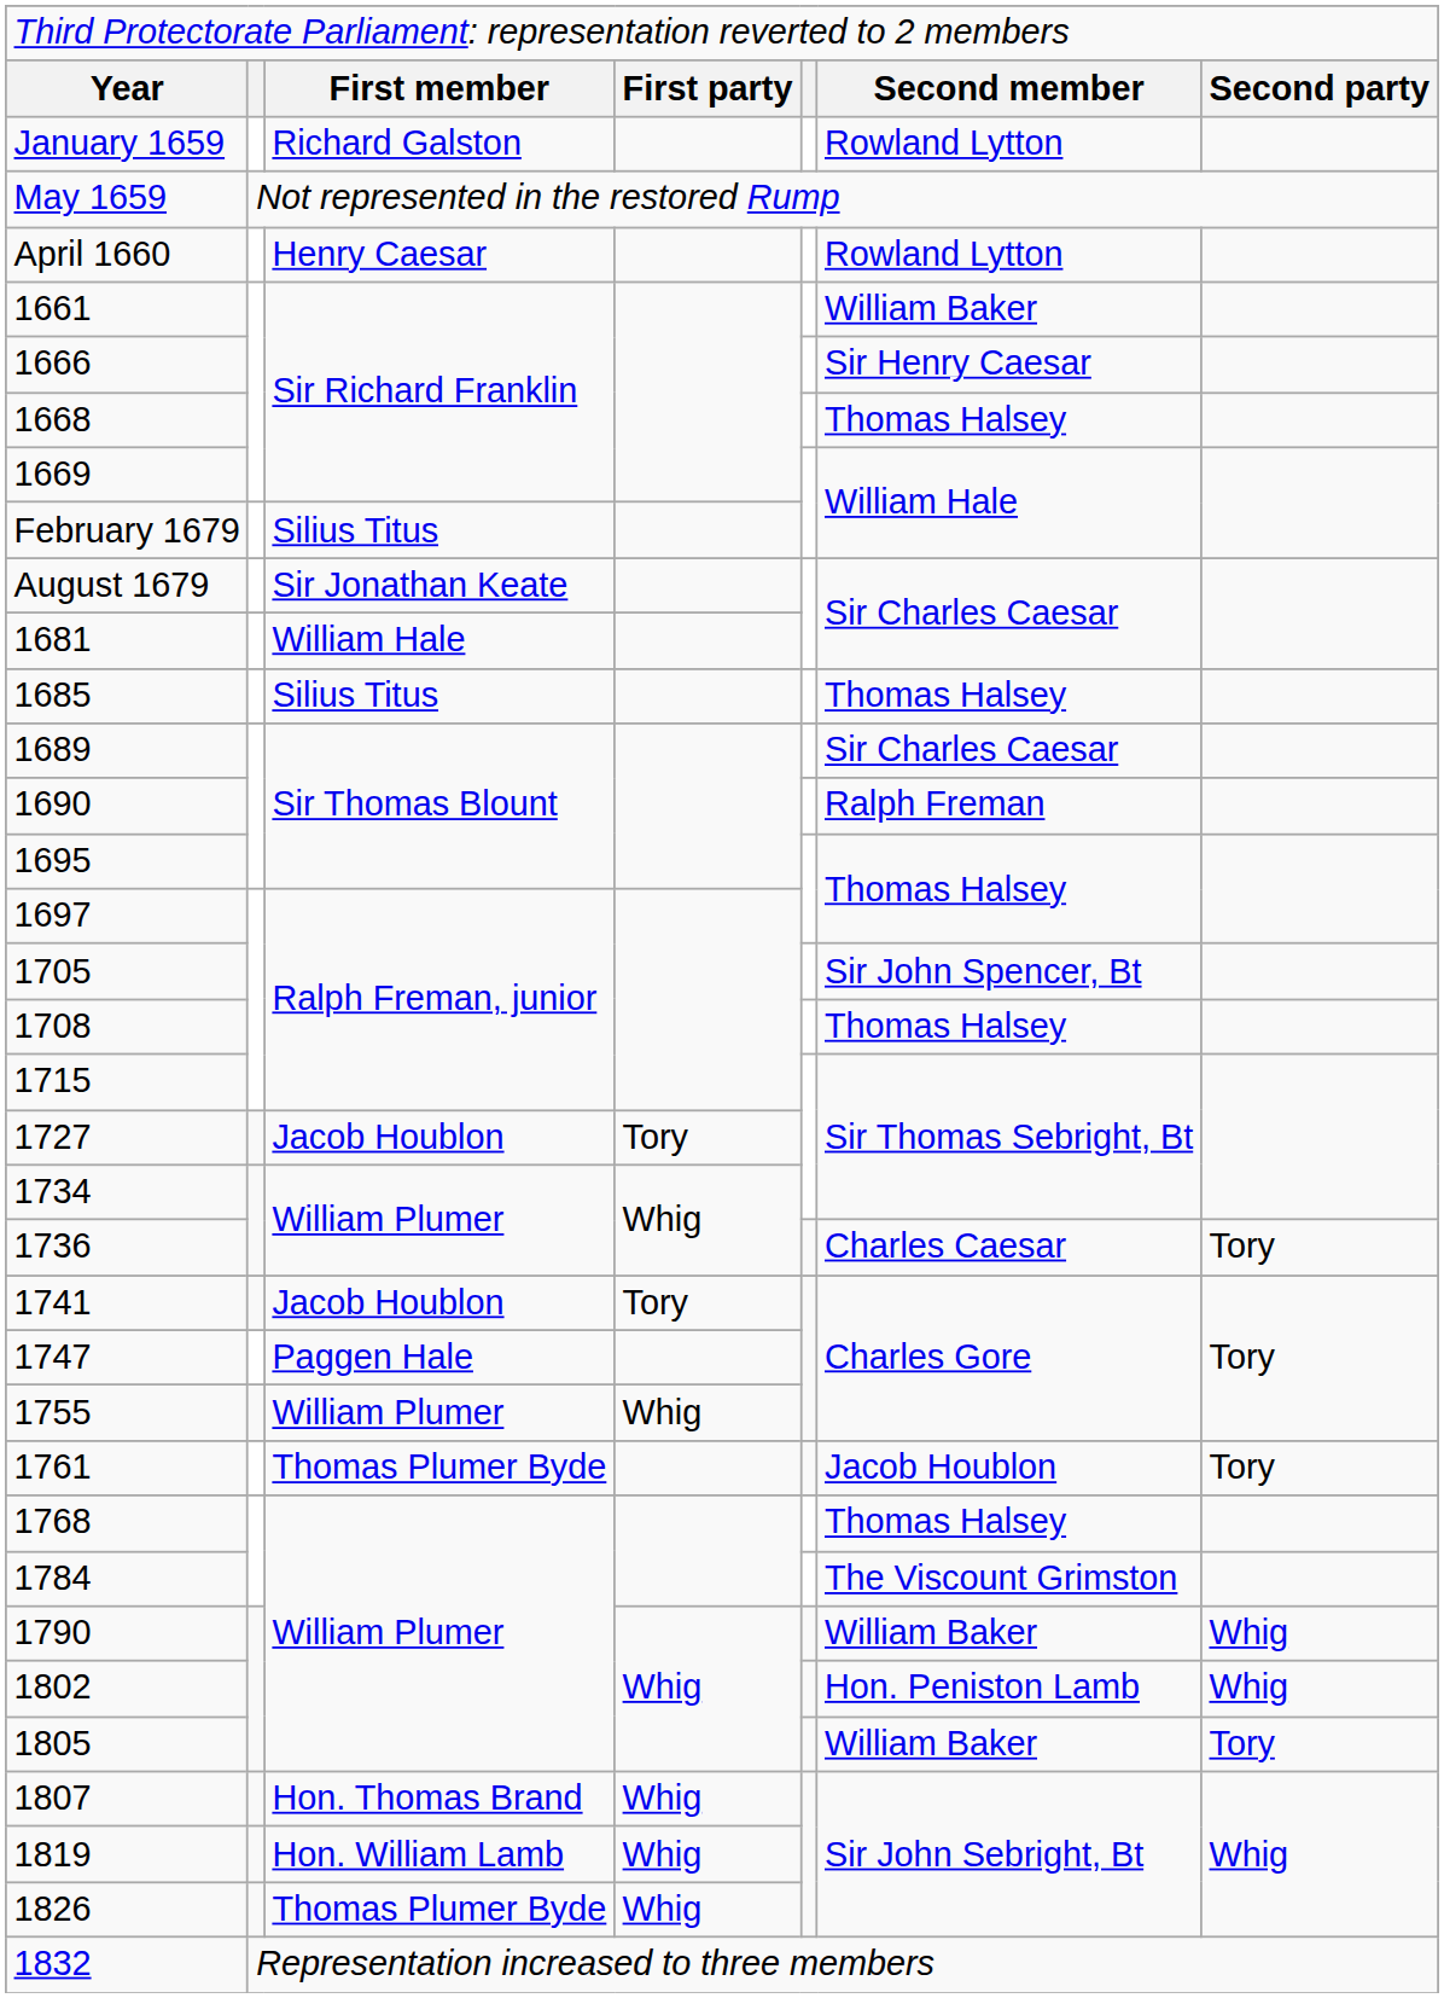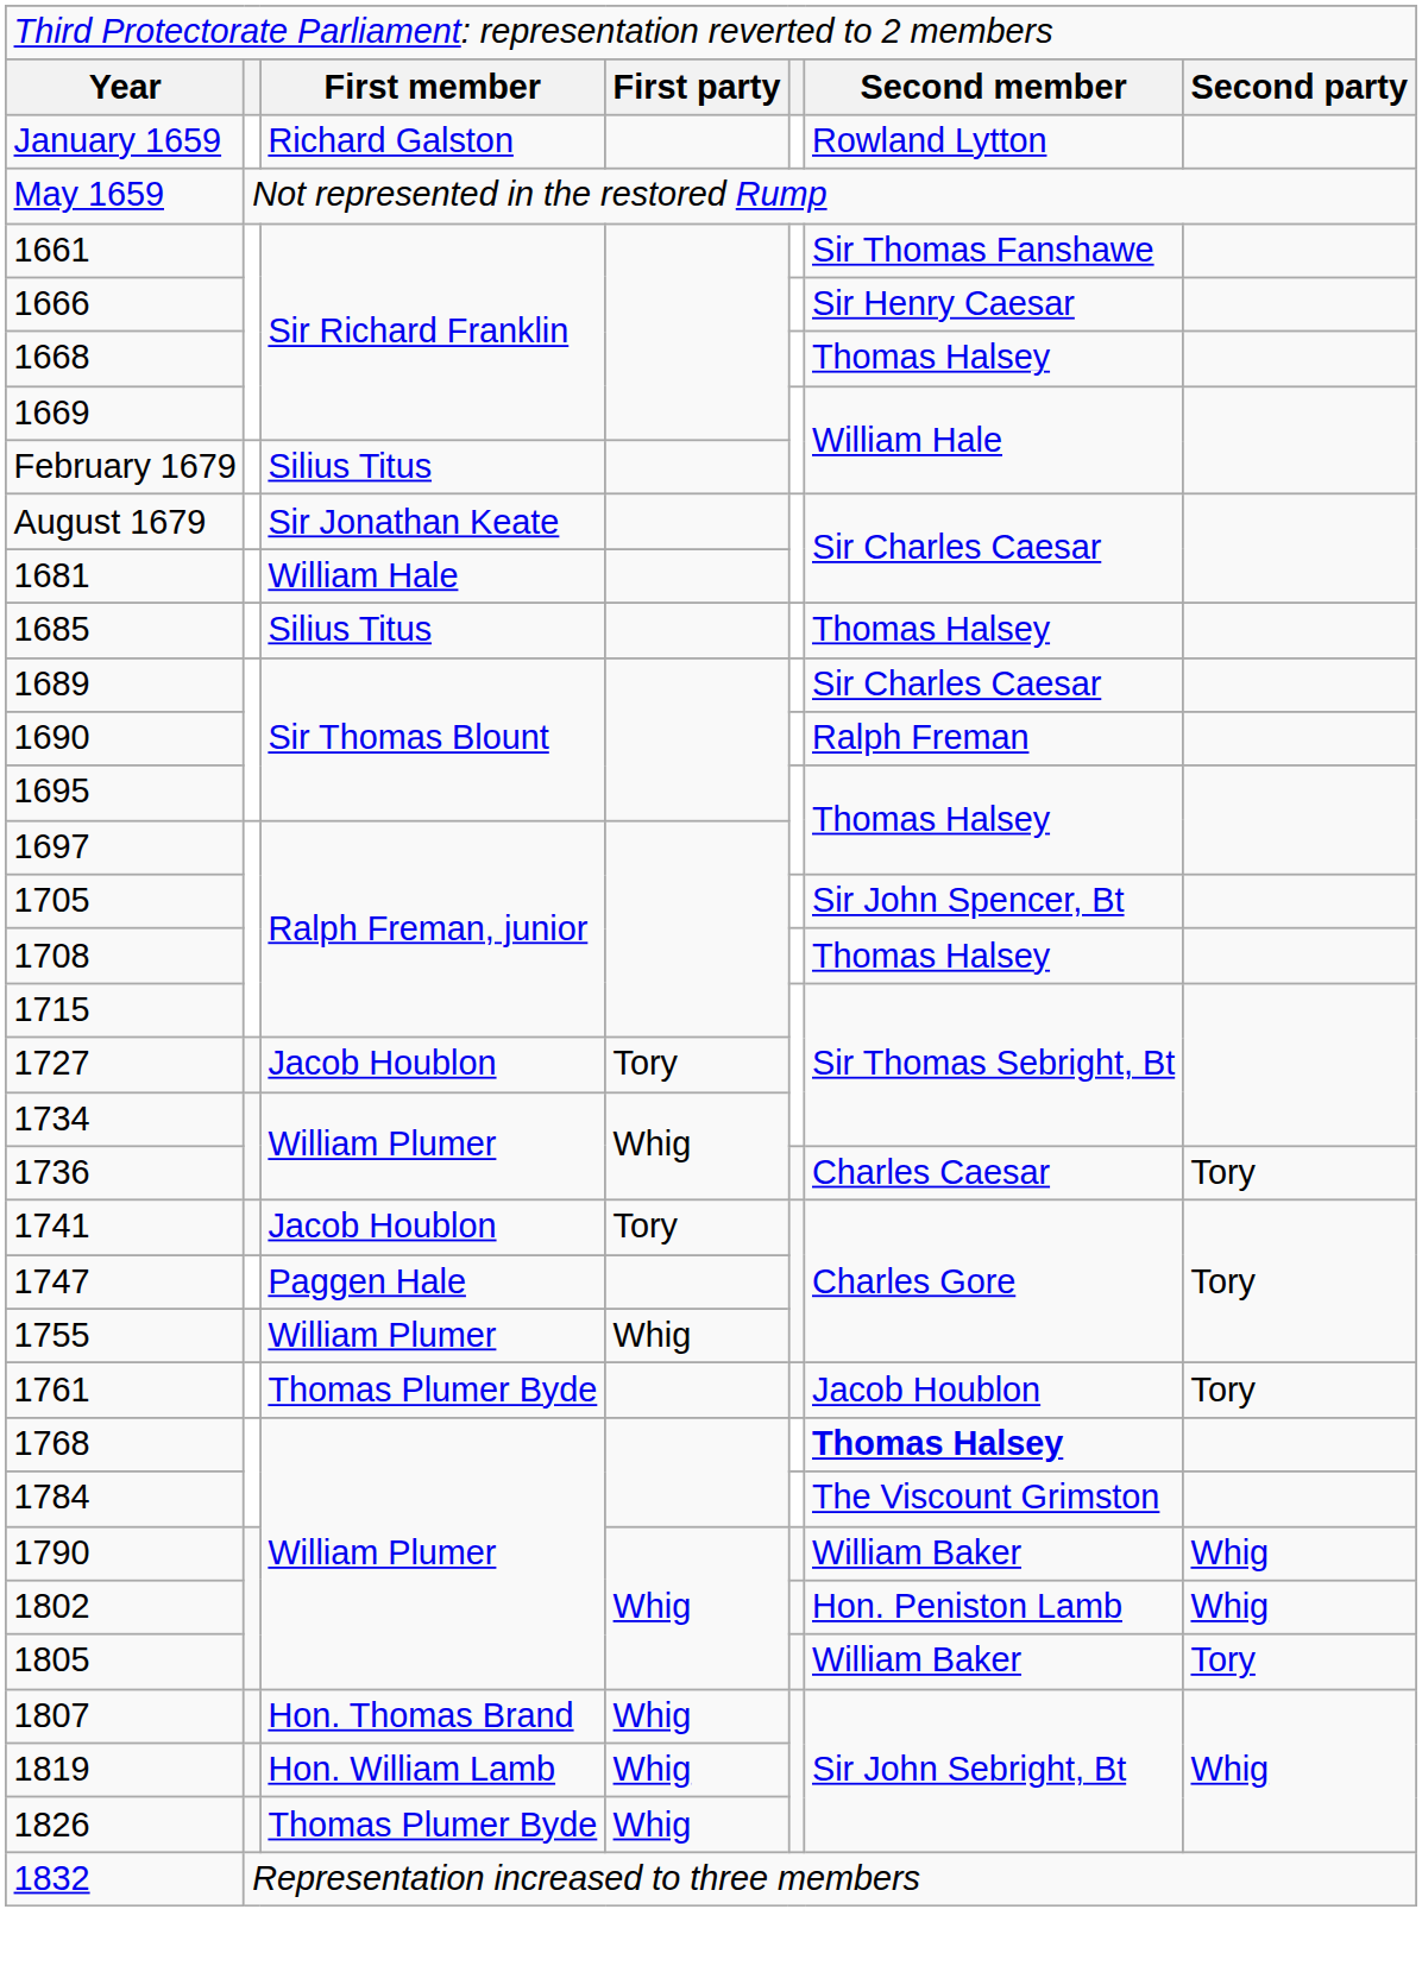 <table class="wikitable">
 <tr>
 <td colspan="7"><em><a href='#'>Third Protectorate Parliament</a>: representation reverted to 2 members</em></td>
 </tr>
 <tr>
 <th>Year</th>
 <th></th>
 <th>First member</th>
 <th>First party</th>
 <th></th>
 <th>Second member</th>
 <th>Second party</th>
 </tr>
 <tr>
 <td><a href='#'>January 1659</a></td>
 <td style="color:inherit;background-color: white"></td>
 <td><a href='#'>Richard Galston</a></td>
 <td></td>
 <td style="color:inherit;background-color: white"></td>
 <td><a href='#'>Rowland Lytton</a></td>
 <td></td>
 </tr>
 <tr>
 <td><a href='#'>May 1659</a></td>
 <td colspan="6"><em>Not represented in the restored <a href='#'>Rump</a></em></td>
 </tr>
 <tr>
-<td>April 1660</td>
-<td style="color:inherit;background-color: white"></td>
-<td><a href='#'>Henry Caesar</a></td>
-<td></td>
-<td style="color:inherit;background-color: white"></td>
-<td><a href='#'>Rowland Lytton</a></td>
-<td></td>
-</tr>
-<tr>
 <td>1661</td>
 <td rowspan="4" style="color:inherit;background-color: white"></td>
 <td rowspan="4"><a href='#'>Sir Richard Franklin</a></td>
 <td rowspan="4"></td>
 <td style="color:inherit;background-color: white"></td>
-<td><a href='#'>William Baker</a></td>
+<td><a href='#'>Sir Thomas Fanshawe</a></td>
 <td></td>
 </tr>
 <tr>
 <td>1666</td>
 <td style="color:inherit;background-color: white"></td>
 <td><a href='#'>Sir Henry Caesar</a></td>
 <td></td>
 </tr>
 <tr>
 <td>1668</td>
 <td style="color:inherit;background-color: white"></td>
 <td><a href='#'>Thomas Halsey</a></td>
 <td></td>
 </tr>
 <tr>
 <td>1669</td>
 <td rowspan="2" style="color:inherit;background-color: white"></td>
 <td rowspan="2"><a href='#'>William Hale</a></td>
 <td rowspan="2"></td>
 </tr>
 <tr>
 <td>February 1679</td>
 <td style="color:inherit;background-color: white"></td>
 <td><a href='#'>Silius Titus</a></td>
 <td></td>
 </tr>
 <tr>
 <td>August 1679</td>
 <td style="color:inherit;background-color: white"></td>
 <td><a href='#'>Sir Jonathan Keate</a></td>
 <td></td>
 <td rowspan="2" style="color:inherit;background-color: white"></td>
 <td rowspan="2"><a href='#'>Sir Charles Caesar</a></td>
 <td rowspan="2"></td>
 </tr>
 <tr>
 <td>1681</td>
 <td style="color:inherit;background-color: white"></td>
 <td><a href='#'>William Hale</a></td>
 <td></td>
 </tr>
 <tr>
 <td>1685</td>
 <td style="color:inherit;background-color: white"></td>
 <td><a href='#'>Silius Titus</a></td>
 <td></td>
 <td style="color:inherit;background-color: white"></td>
 <td><a href='#'>Thomas Halsey</a></td>
 <td></td>
 </tr>
 <tr>
 <td>1689</td>
 <td rowspan="3" style="color:inherit;background-color: white"></td>
 <td rowspan="3"><a href='#'>Sir Thomas Blount</a></td>
 <td rowspan="3"></td>
 <td style="color:inherit;background-color: white"></td>
 <td><a href='#'>Sir Charles Caesar</a></td>
 <td></td>
 </tr>
 <tr>
 <td>1690</td>
 <td style="color:inherit;background-color: white"></td>
 <td><a href='#'>Ralph Freman</a></td>
 <td></td>
 </tr>
 <tr>
 <td>1695</td>
 <td rowspan="2" style="color:inherit;background-color: white"></td>
 <td rowspan="2"><a href='#'>Thomas Halsey</a></td>
 <td rowspan="2"></td>
 </tr>
 <tr>
 <td>1697</td>
 <td rowspan="4" style="color:inherit;background-color: white"></td>
 <td rowspan="4"><a href='#'>Ralph Freman, junior</a></td>
 <td rowspan="4"></td>
 </tr>
 <tr>
 <td>1705</td>
 <td style="color:inherit;background-color: white"></td>
 <td><a href='#'>Sir John Spencer, Bt</a></td>
 <td></td>
 </tr>
 <tr>
 <td>1708</td>
 <td style="color:inherit;background-color: white"></td>
 <td><a href='#'>Thomas Halsey</a></td>
 <td></td>
 </tr>
 <tr>
 <td>1715</td>
 <td rowspan="3" style="color:inherit;background-color: white"></td>
 <td rowspan="3"><a href='#'>Sir Thomas Sebright, Bt</a></td>
 <td rowspan="3"></td>
 </tr>
 <tr>
 <td>1727</td>
 <td style="color:inherit;background-color: "></td>
 <td><a href='#'>Jacob Houblon</a></td>
 <td>Tory</td>
 </tr>
 <tr>
 <td>1734</td>
 <td rowspan="2" style="color:inherit;background-color: "></td>
 <td rowspan="2"><a href='#'>William Plumer</a></td>
 <td rowspan="2">Whig</td>
 </tr>
 <tr>
 <td>1736</td>
 <td style="color:inherit;background-color: "></td>
 <td><a href='#'>Charles Caesar</a></td>
 <td>Tory</td>
 </tr>
 <tr>
 <td>1741</td>
 <td style="color:inherit;background-color: "></td>
 <td><a href='#'>Jacob Houblon</a></td>
 <td>Tory</td>
 <td rowspan="3" style="color:inherit;background-color: "></td>
 <td rowspan="3"><a href='#'>Charles Gore</a></td>
 <td rowspan="3">Tory</td>
 </tr>
 <tr>
 <td>1747</td>
 <td style="color:inherit;background-color: white"></td>
 <td><a href='#'>Paggen Hale</a></td>
 <td></td>
 </tr>
 <tr>
 <td>1755</td>
 <td style="color:inherit;background-color: "></td>
 <td><a href='#'>William Plumer</a></td>
 <td>Whig</td>
 </tr>
 <tr>
 <td>1761</td>
 <td style="color:inherit;background-color: white"></td>
 <td><a href='#'>Thomas Plumer Byde</a></td>
 <td></td>
 <td style="color:inherit;background-color: "></td>
 <td><a href='#'>Jacob Houblon</a></td>
 <td>Tory</td>
 </tr>
 <tr>
 <td>1768</td>
 <td rowspan="2" style="color:inherit;background-color: white"></td>
 <td rowspan="5"><a href='#'>William Plumer</a></td>
 <td rowspan="2"></td>
 <td style="color:inherit;background-color: white"></td>
-<td><a href='#'>Thomas Halsey</a></td>
+<td><strong><a href='#'>Thomas Halsey</a></strong></td>
 <td></td>
 </tr>
 <tr>
 <td>1784</td>
 <td style="color:inherit;background-color: white"></td>
 <td><a href='#'>The Viscount Grimston</a></td>
 <td></td>
 </tr>
 <tr>
 <td>1790</td>
 <td rowspan="3" style="color:inherit;background-color: "></td>
 <td rowspan="3"><a href='#'>Whig</a></td>
 <td style="color:inherit;background-color: "></td>
 <td><a href='#'>William Baker</a></td>
 <td><a href='#'>Whig</a></td>
 </tr>
 <tr>
 <td>1802</td>
 <td style="color:inherit;background-color: "></td>
 <td><a href='#'>Hon. Peniston Lamb</a></td>
 <td><a href='#'>Whig</a></td>
 </tr>
 <tr>
 <td>1805</td>
 <td style="color:inherit;background-color: "></td>
 <td><a href='#'>William Baker</a></td>
 <td><a href='#'>Tory</a></td>
 </tr>
 <tr>
 <td>1807</td>
 <td style="color:inherit;background-color: "></td>
 <td><a href='#'>Hon. Thomas Brand</a></td>
 <td><a href='#'>Whig</a></td>
 <td rowspan="3" style="color:inherit;background-color: "></td>
 <td rowspan="3"><a href='#'>Sir John Sebright, Bt</a></td>
 <td rowspan="3"><a href='#'>Whig</a></td>
 </tr>
 <tr>
 <td>1819</td>
 <td style="color:inherit;background-color: "></td>
 <td><a href='#'>Hon. William Lamb</a></td>
 <td><a href='#'>Whig</a></td>
 </tr>
 <tr>
 <td>1826</td>
 <td style="color:inherit;background-color: "></td>
 <td><a href='#'>Thomas Plumer Byde</a></td>
 <td><a href='#'>Whig</a></td>
 </tr>
 <tr>
 <td><a href='#'>1832</a></td>
 <td colspan="6"><em>Representation increased to three members</em></td>
 </tr>
 </table>
